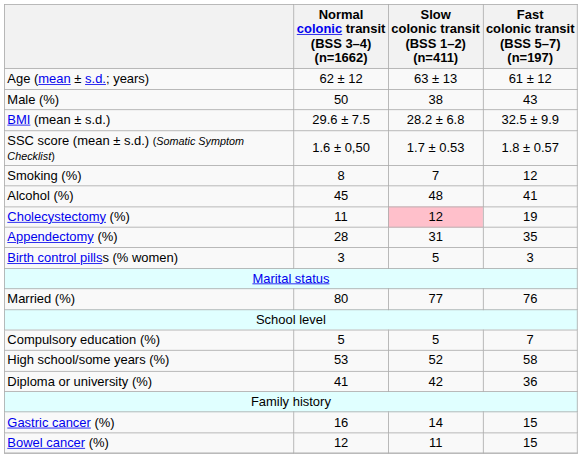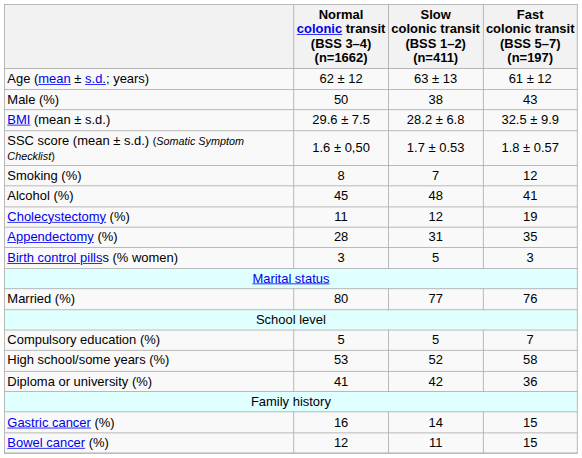 <table class="wikitable" style="margin:auto;clear:both;">
 <tr>
 <th></th>
 <th>Normal <br> <a href='#'>colonic</a> transit <br> (BSS 3–4) <br> (n=1662)</th>
 <th>Slow <br> colonic transit <br> (BSS 1–2) <br> (n=411)</th>
 <th>Fast <br> colonic transit <br> (BSS 5–7) <br> (n=197)</th>
 </tr>
 <tr>
 <td style="width:350px">Age (<a href='#'>mean</a> ± <a href='#'>s.d.</a>; years)</td>
 <td style="text-align:center;">62 ± 12</td>
 <td style="text-align:center;">63 ± 13</td>
 <td style="text-align:center;">61 ± 12</td>
 </tr>
 <tr>
 <td>Male (%)</td>
 <td style="text-align:center;">50</td>
 <td style="text-align:center;">38</td>
 <td style="text-align:center;">43</td>
 </tr>
 <tr>
 <td><a href='#'>BMI</a> (mean ± s.d.)</td>
 <td style="text-align:center;">29.6 ± 7.5</td>
 <td style="text-align:center;">28.2 ± 6.8</td>
 <td style="text-align:center;">32.5 ± 9.9</td>
 </tr>
 <tr>
 <td>SSC score (mean ± s.d.) <small>(<em>Somatic Symptom Checklist</em>)</small></td>
 <td style="text-align:center;">1.6 ± 0,50</td>
 <td style="text-align:center;">1.7 ± 0.53</td>
 <td style="text-align:center;">1.8 ± 0.57</td>
 </tr>
 <tr>
 <td>Smoking (%)</td>
 <td style="text-align:center;">8</td>
 <td style="text-align:center;">7</td>
 <td style="text-align:center;">12</td>
 </tr>
 <tr>
 <td>Alcohol (%)</td>
 <td style="text-align:center;">45</td>
 <td style="text-align:center;">48</td>
 <td style="text-align:center;">41</td>
 </tr>
 <tr>
 <td><a href='#'>Cholecystectomy</a> (%)</td>
 <td style="text-align:center;">11</td>
-<td style="background: pink; text-align:center;">12</td>
+<td style="text-align:center;">12</td>
 <td style="text-align:center;">19</td>
 </tr>
 <tr>
 <td><a href='#'>Appendectomy</a> (%)</td>
 <td style="text-align:center;">28</td>
 <td style="text-align:center;">31</td>
 <td style="text-align:center;">35</td>
 </tr>
 <tr>
 <td><a href='#'>Birth control pills</a>s (% women)</td>
 <td style="text-align:center;">3</td>
 <td style="text-align:center;">5</td>
 <td style="text-align:center;">3</td>
 </tr>
 <tr>
 <td colspan="4" style="background-color:LIGHTCYAN;text-align:center;"><a href='#'>Marital status</a></td>
 </tr>
 <tr>
 <td>Married (%)</td>
 <td style="text-align:center;">80</td>
 <td style="text-align:center;">77</td>
 <td style="text-align:center;">76</td>
 </tr>
 <tr>
 <td colspan="4" style="background-color:LIGHTCYAN;text-align:center;">School level</td>
 </tr>
 <tr>
 <td>Compulsory education (%)</td>
 <td style="text-align:center;">5</td>
 <td style="text-align:center;">5</td>
 <td style="text-align:center;">7</td>
 </tr>
 <tr>
 <td>High school/some years (%)</td>
 <td style="text-align:center;">53</td>
 <td style="text-align:center;">52</td>
 <td style="text-align:center;">58</td>
 </tr>
 <tr>
 <td>Diploma or university (%)</td>
 <td style="text-align:center;">41</td>
 <td style="text-align:center;">42</td>
 <td style="text-align:center;">36</td>
 </tr>
 <tr>
 <td colspan="4" style="background-color:LIGHTCYAN;text-align:center;">Family history</td>
 </tr>
 <tr>
 <td><a href='#'>Gastric cancer</a> (%)</td>
 <td style="text-align:center;">16</td>
 <td style="text-align:center;">14</td>
 <td style="text-align:center;">15</td>
 </tr>
 <tr>
 <td><a href='#'>Bowel cancer</a> (%)</td>
 <td style="text-align:center;">12</td>
 <td style="text-align:center;">11</td>
 <td style="text-align:center;">15</td>
 </tr>
 <tr>
 </tr>
 </table>
